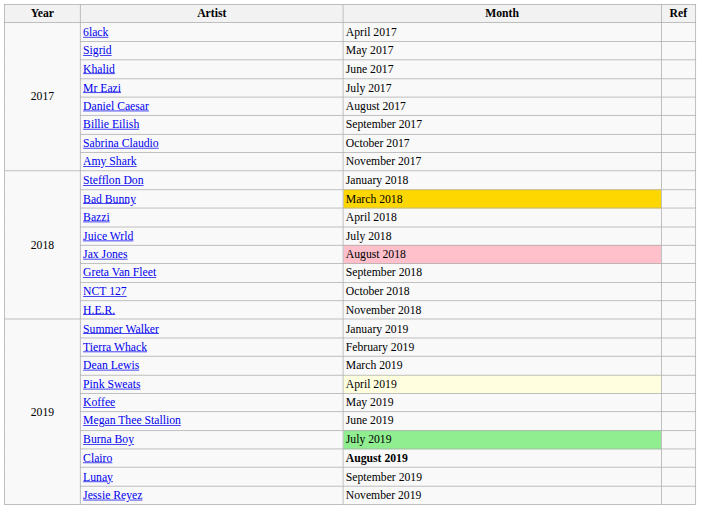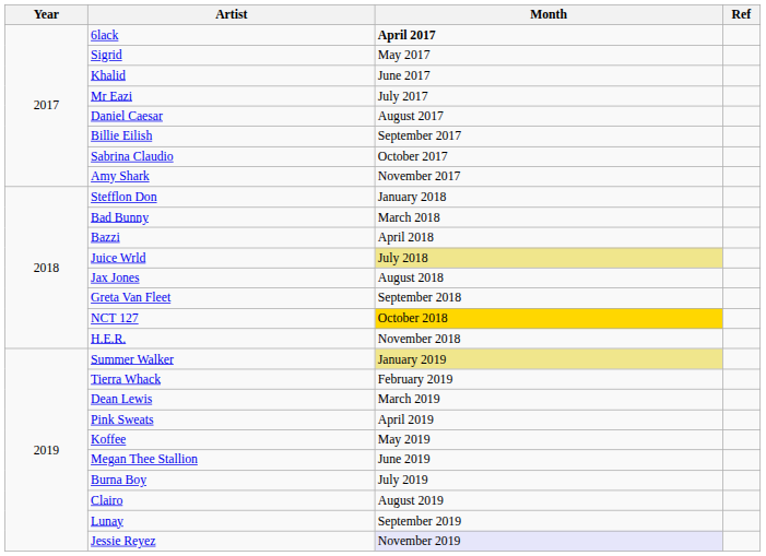 <table class="wikitable" style="width:75%;">
 <tr>
 <th style="width:11%;">Year</th>
 <th style="width:38%;">Artist</th>
 <th style="width:46%;">Month</th>
 <th style="width:5%;">Ref</th>
 </tr>
 <tr>
 <td rowspan="8" align="center">2017</td>
 <td><a href='#'>6lack</a></td>
-<td>April 2017</td>
+<td><strong>April 2017</strong></td>
 <td></td>
 </tr>
 <tr>
 <td><a href='#'>Sigrid</a></td>
 <td>May 2017</td>
 <td></td>
 </tr>
 <tr>
 <td><a href='#'>Khalid</a></td>
 <td>June 2017</td>
 <td></td>
 </tr>
 <tr>
 <td><a href='#'>Mr Eazi</a></td>
 <td>July 2017</td>
 <td></td>
 </tr>
 <tr>
 <td><a href='#'>Daniel Caesar</a></td>
 <td>August 2017</td>
 <td></td>
 </tr>
 <tr>
 <td><a href='#'>Billie Eilish</a></td>
 <td>September 2017</td>
 <td></td>
 </tr>
 <tr>
 <td><a href='#'>Sabrina Claudio</a></td>
 <td>October 2017</td>
 <td></td>
 </tr>
 <tr>
 <td><a href='#'>Amy Shark</a></td>
 <td>November 2017</td>
 <td></td>
 </tr>
 <tr>
 <td rowspan="8" align="center">2018</td>
 <td><a href='#'>Stefflon Don</a></td>
 <td>January 2018</td>
 <td></td>
 </tr>
 <tr>
 <td><a href='#'>Bad Bunny</a></td>
-<td style="background: gold;">March 2018</td>
+<td>March 2018</td>
 <td></td>
 </tr>
 <tr>
 <td><a href='#'>Bazzi</a></td>
 <td>April 2018</td>
 <td></td>
 </tr>
 <tr>
 <td><a href='#'>Juice Wrld</a></td>
-<td>July 2018</td>
+<td style="background: khaki;">July 2018</td>
 <td></td>
 </tr>
 <tr>
 <td><a href='#'>Jax Jones</a></td>
-<td style="background: pink;">August 2018</td>
+<td>August 2018</td>
 <td></td>
 </tr>
 <tr>
 <td><a href='#'>Greta Van Fleet</a></td>
 <td>September 2018</td>
 <td></td>
 </tr>
 <tr>
 <td><a href='#'>NCT 127</a></td>
-<td>October 2018</td>
+<td style="background: gold;">October 2018</td>
 <td></td>
 </tr>
 <tr>
 <td><a href='#'>H.E.R.</a></td>
 <td>November 2018</td>
 <td></td>
 </tr>
 <tr>
 <td rowspan="10" align="center">2019</td>
 <td><a href='#'>Summer Walker</a></td>
-<td>January 2019</td>
+<td style="background: khaki;">January 2019</td>
 <td></td>
 </tr>
 <tr>
 <td><a href='#'>Tierra Whack</a></td>
 <td>February 2019</td>
 <td></td>
 </tr>
 <tr>
 <td><a href='#'>Dean Lewis</a></td>
 <td>March 2019</td>
 <td></td>
 </tr>
 <tr>
 <td><a href='#'>Pink Sweats</a></td>
-<td style="background: lightyellow;">April 2019</td>
+<td>April 2019</td>
 <td></td>
 </tr>
 <tr>
 <td><a href='#'>Koffee</a></td>
 <td>May 2019</td>
 <td></td>
 </tr>
 <tr>
 <td><a href='#'>Megan Thee Stallion</a></td>
 <td>June 2019</td>
 <td></td>
 </tr>
 <tr>
 <td><a href='#'>Burna Boy</a></td>
-<td style="background: lightgreen;">July 2019</td>
+<td>July 2019</td>
 <td></td>
 </tr>
 <tr>
 <td><a href='#'>Clairo</a></td>
-<td><strong>August 2019</strong></td>
+<td>August 2019</td>
 <td></td>
 </tr>
 <tr>
 <td><a href='#'>Lunay</a></td>
 <td>September 2019</td>
 <td></td>
 </tr>
 <tr>
 <td><a href='#'>Jessie Reyez</a></td>
-<td>November 2019</td>
+<td style="background: lavender;">November 2019</td>
 <td></td>
 </tr>
 </table>
